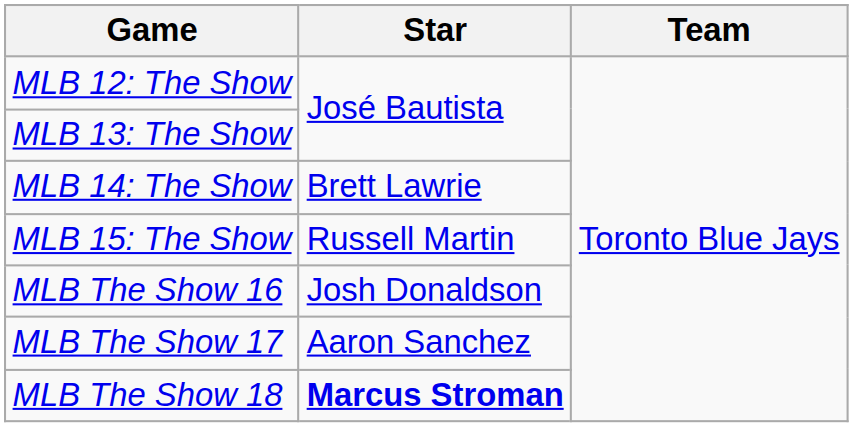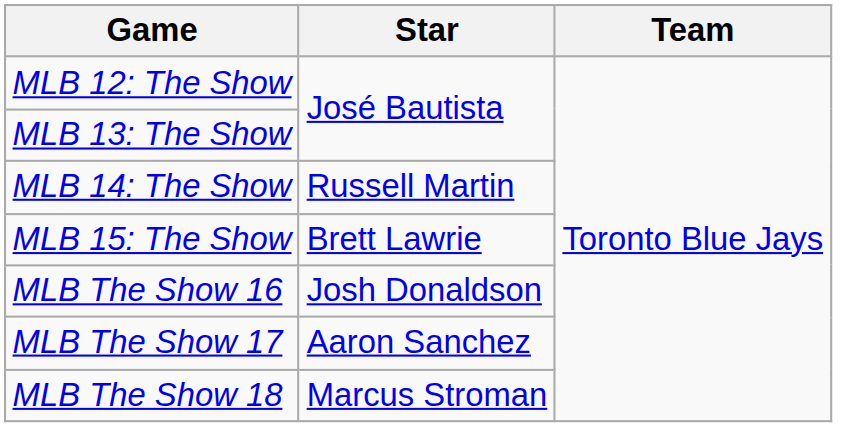 <table class="wikitable">
 <tr>
 <th>Game</th>
 <th>Star</th>
 <th>Team</th>
 </tr>
 <tr>
 <td><em><a href='#'>MLB 12: The Show</a></em></td>
 <td rowspan="2"><a href='#'>José Bautista</a></td>
 <td rowspan="7"><a href='#'>Toronto Blue Jays</a></td>
 </tr>
 <tr>
 <td><em><a href='#'>MLB 13: The Show</a></em></td>
 </tr>
 <tr>
 <td><em><a href='#'>MLB 14: The Show</a></em></td>
-<td><a href='#'>Brett Lawrie</a></td>
+<td><a href='#'>Russell Martin</a></td>
 </tr>
 <tr>
 <td><em><a href='#'>MLB 15: The Show</a></em></td>
-<td><a href='#'>Russell Martin</a></td>
+<td><a href='#'>Brett Lawrie</a></td>
 </tr>
 <tr>
 <td><em><a href='#'>MLB The Show 16</a></em></td>
 <td><a href='#'>Josh Donaldson</a></td>
 </tr>
 <tr>
 <td><em><a href='#'>MLB The Show 17</a></em></td>
 <td><a href='#'>Aaron Sanchez</a></td>
 </tr>
 <tr>
 <td><em><a href='#'>MLB The Show 18</a></em></td>
-<td><strong><a href='#'>Marcus Stroman</a></strong></td>
+<td><a href='#'>Marcus Stroman</a></td>
 </tr>
 </table>
